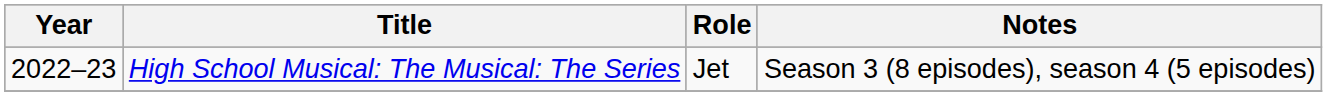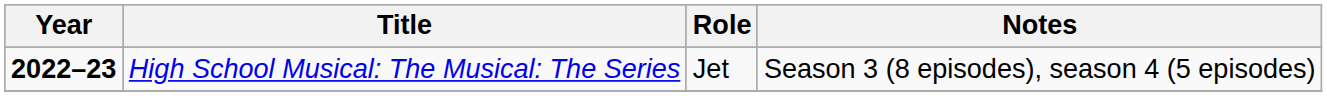 <table class="wikitable">
 <tr>
 <th>Year</th>
 <th>Title</th>
 <th>Role</th>
 <th>Notes</th>
 </tr>
 <tr>
-<td>2022–23</td>
+<td><strong>2022–23</strong></td>
 <td><em><a href='#'>High School Musical: The Musical: The Series</a></em></td>
 <td>Jet</td>
 <td>Season 3 (8 episodes), season 4 (5 episodes)</td>
 </tr>
 <tr>
 </tr>
 </table>
